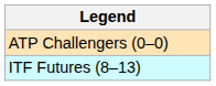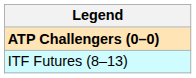 <table class="wikitable">
 <tr>
 <th width=200>Legend</th>
 </tr>
 <tr style="background:moccasin;">
-<td width=200>ATP Challengers (0–0)</td>
+<td width=200><strong>ATP Challengers (0–0)</strong></td>
 </tr>
 <tr style="background:#cffcff;">
 <td width=200>ITF Futures (8–13)</td>
 </tr>
 </table>
